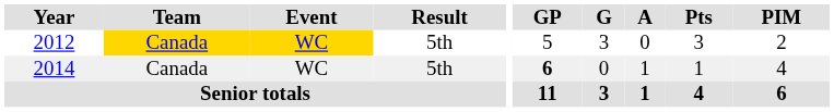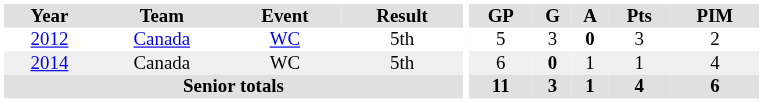 <table border="0" cellpadding="1" cellspacing="0" ID="Table3" style="text-align:center; width:40em">
 <tr ALIGN="centre" bgcolor="#e0e0e0">
 <th>Year</th>
 <th>Team</th>
 <th>Event</th>
 <th>Result</th>
 <th rowspan="99" bgcolor="#ffffff"></th>
 <th>GP</th>
 <th>G</th>
 <th>A</th>
 <th>Pts</th>
 <th>PIM</th>
 </tr>
 <tr ALIGN="centre">
 <td><a href='#'>2012</a></td>
-<td style="background: gold;"><a href='#'>Canada</a></td>
-<td style="background: gold;"><a href='#'>WC</a></td>
+<td><a href='#'>Canada</a></td>
+<td><a href='#'>WC</a></td>
 <td>5th</td>
 <td>5</td>
 <td>3</td>
-<td>0</td>
+<td><strong>0</strong></td>
 <td>3</td>
 <td>2</td>
 </tr>
 <tr ALIGN="centre"  bgcolor="#f0f0f0">
 <td><a href='#'>2014</a></td>
 <td>Canada</td>
 <td>WC</td>
 <td>5th</td>
-<td><strong>6</strong></td>
-<td>0</td>
+<td>6</td>
+<td><strong>0</strong></td>
 <td>1</td>
 <td>1</td>
 <td>4</td>
 </tr>
 <tr ALIGN="centre" bgcolor="#e0e0e0">
 <th colspan="4">Senior totals</th>
 <th>11</th>
 <th>3</th>
 <th>1</th>
 <th>4</th>
 <th>6</th>
 </tr>
 </table>
